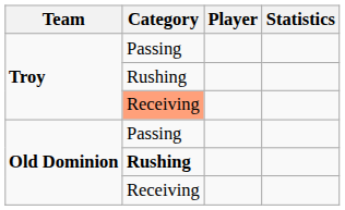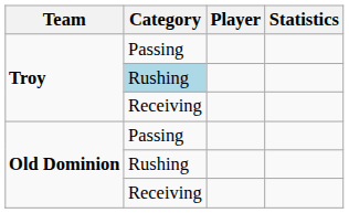 <table class="wikitable" style="float: right;">
 <tr>
 <th>Team</th>
 <th>Category</th>
 <th>Player</th>
 <th>Statistics</th>
 </tr>
 <tr>
 <td rowspan=3><strong>Troy</strong></td>
 <td>Passing</td>
 <td></td>
 <td></td>
 </tr>
 <tr>
-<td>Rushing</td>
+<td style="background: lightblue;">Rushing</td>
 <td></td>
 <td></td>
 </tr>
 <tr>
-<td style="background: lightsalmon;">Receiving</td>
+<td>Receiving</td>
 <td></td>
 <td></td>
 </tr>
 <tr>
 <td rowspan=3><strong>Old Dominion</strong></td>
 <td>Passing</td>
 <td></td>
 <td></td>
 </tr>
 <tr>
-<td><strong>Rushing</strong></td>
+<td>Rushing</td>
 <td></td>
 <td></td>
 </tr>
 <tr>
 <td>Receiving</td>
 <td></td>
 <td></td>
 </tr>
 </table>
